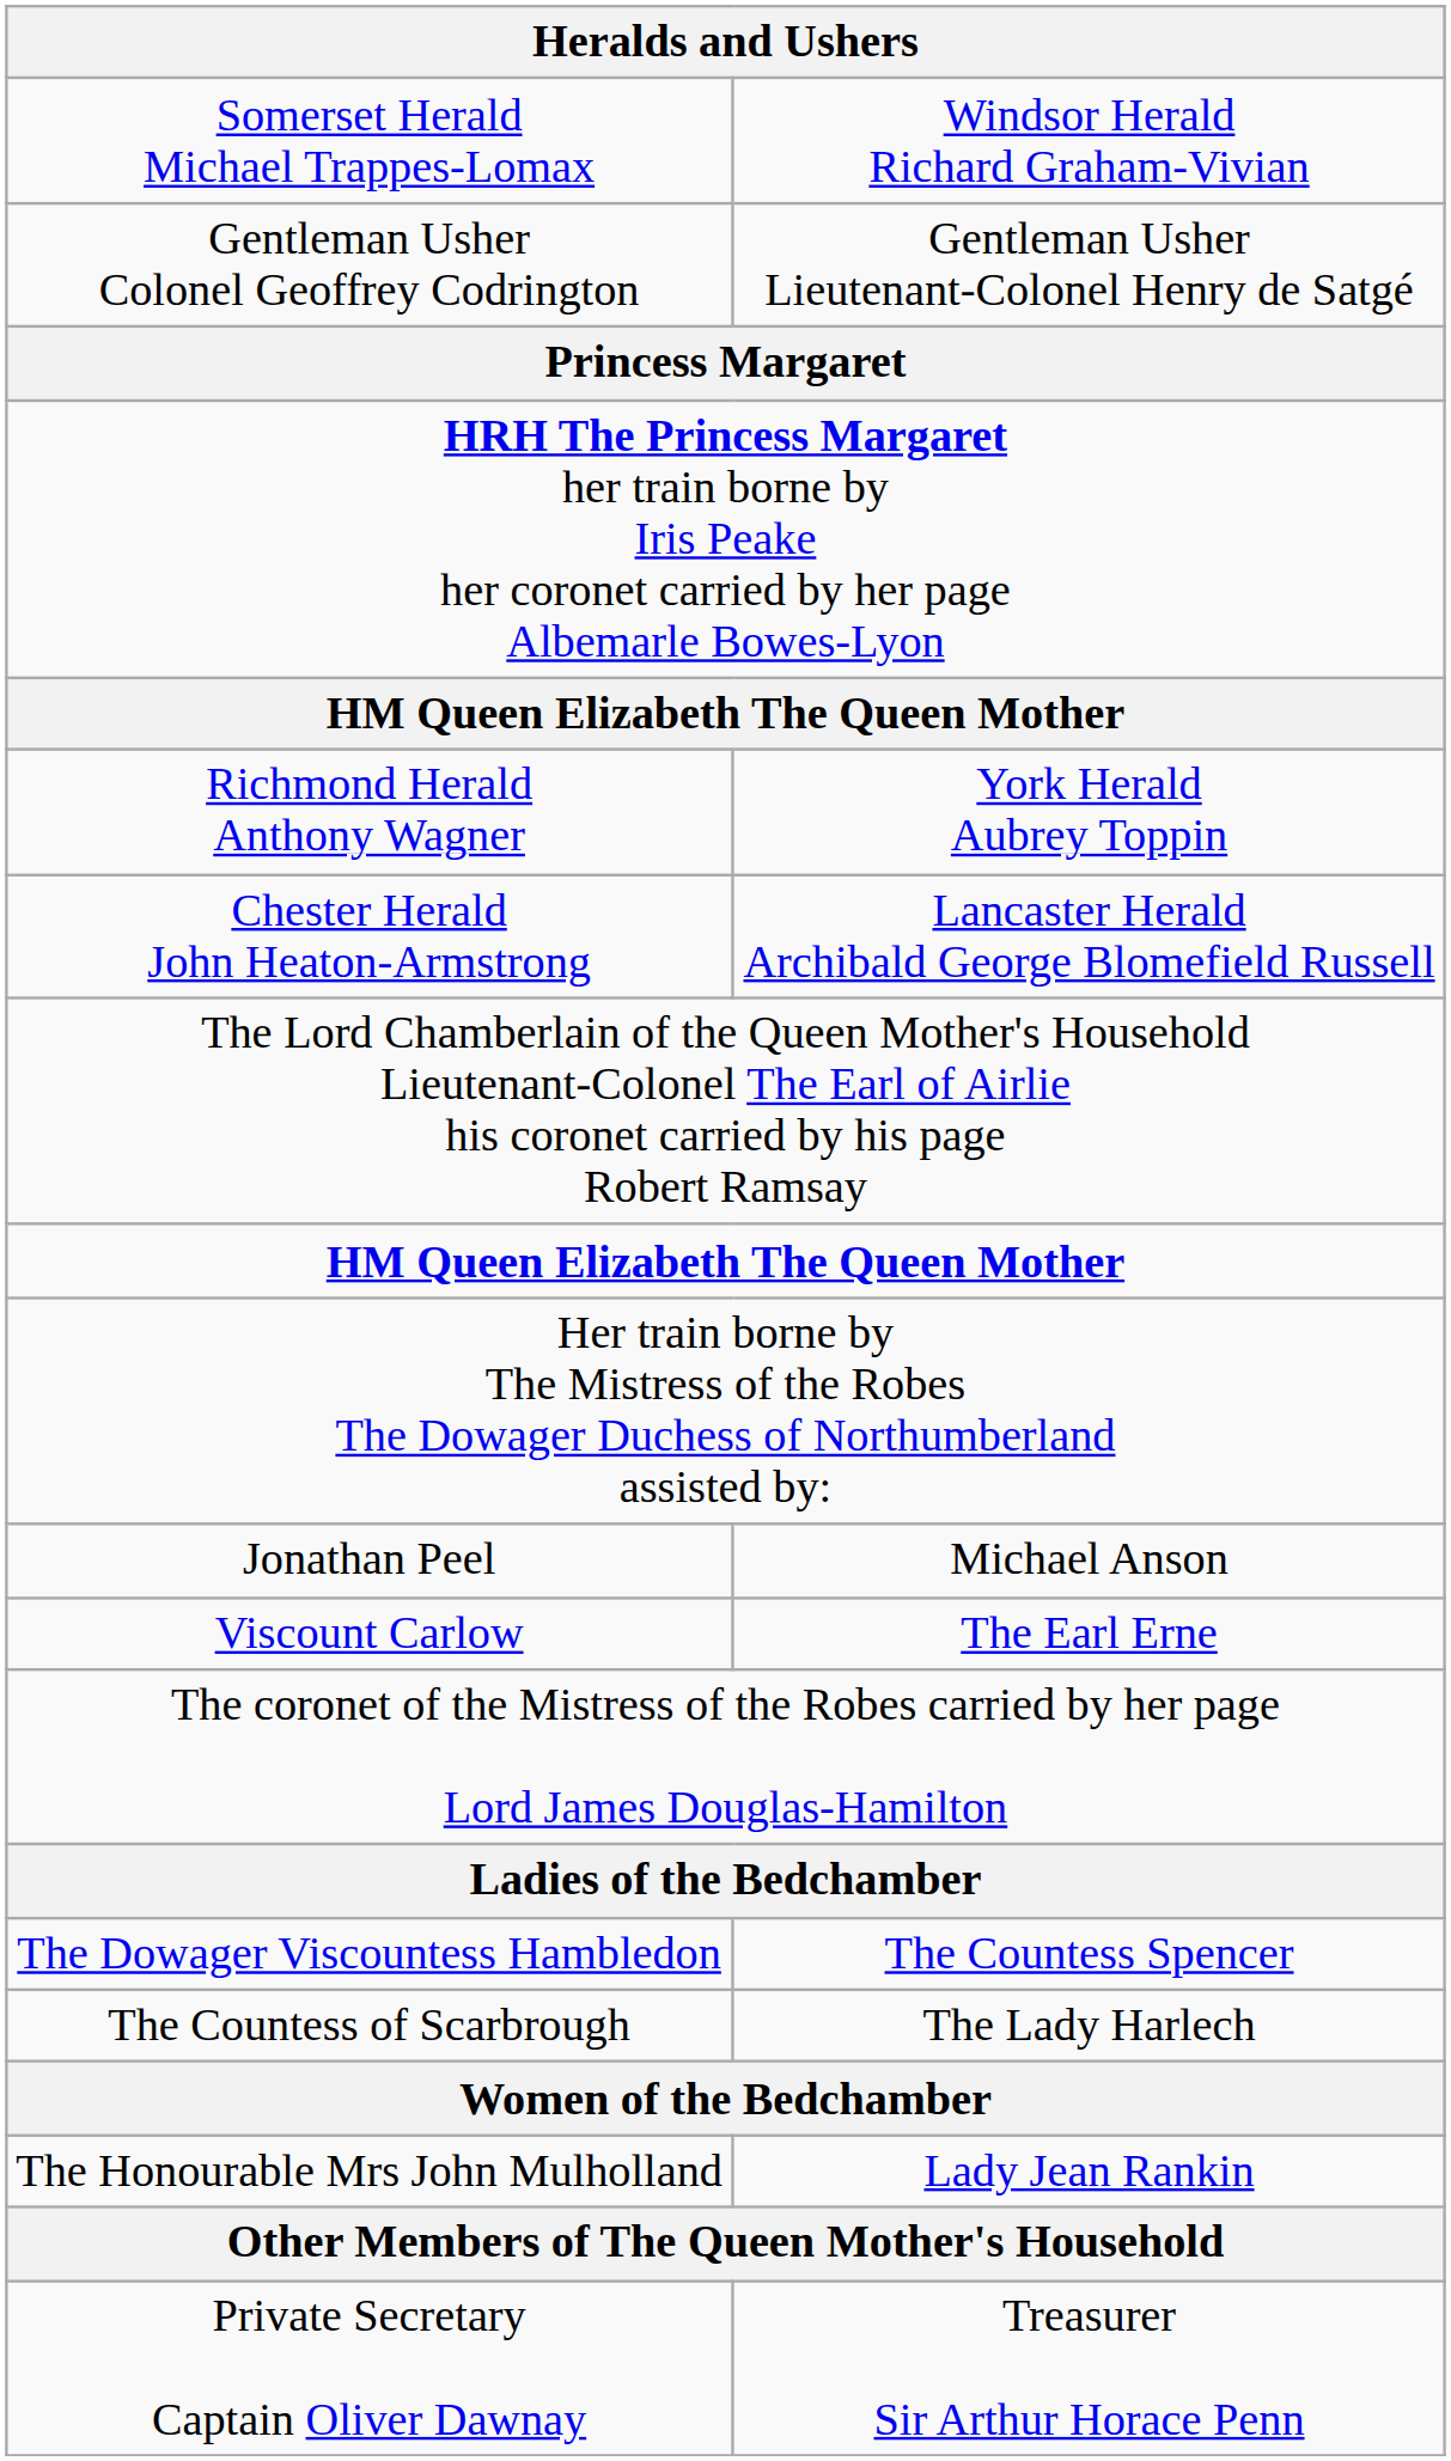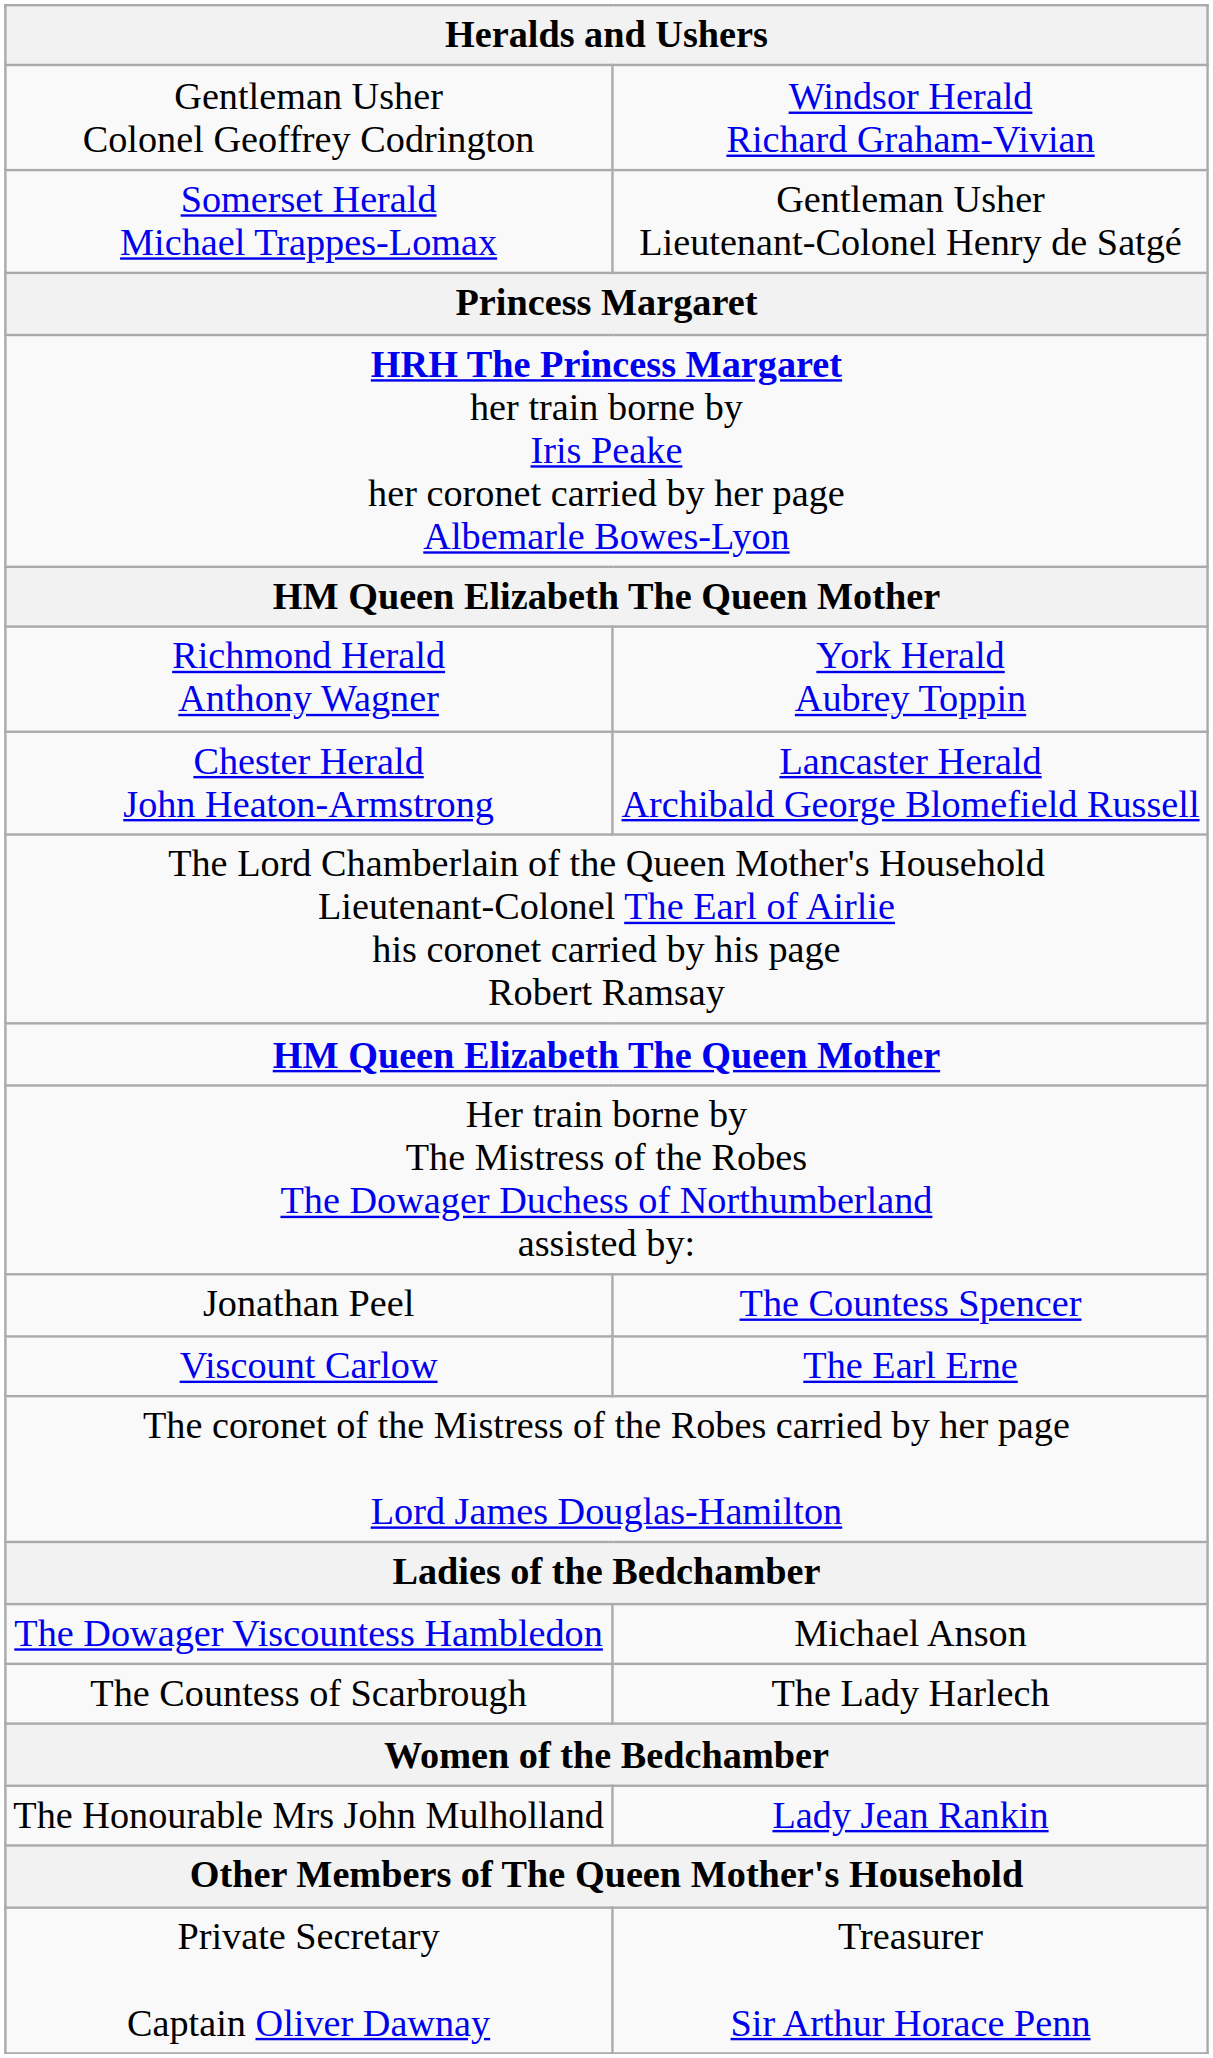 <table class="wikitable" style="text-align:center; margin-left: auto; margin-right: auto; border: none;">
 <tr>
 <th colspan="2">Heralds and Ushers</th>
 </tr>
 <tr>
-<td><a href='#'>Somerset Herald</a><br><a href='#'>Michael Trappes-Lomax</a></td>
+<td>Gentleman Usher<br>Colonel Geoffrey Codrington </td>
 <td><a href='#'>Windsor Herald</a><br><a href='#'>Richard Graham-Vivian</a></td>
 </tr>
 <tr>
-<td>Gentleman Usher<br>Colonel Geoffrey Codrington </td>
+<td><a href='#'>Somerset Herald</a><br><a href='#'>Michael Trappes-Lomax</a></td>
 <td>Gentleman Usher<br>Lieutenant-Colonel Henry de Satgé </td>
 </tr>
 <tr>
 <th colspan="2">Princess Margaret</th>
 </tr>
 <tr>
 <td colspan="2"><strong><a href='#'>HRH The Princess Margaret</a></strong> <br>her train borne by<br><a href='#'>Iris Peake</a><br>her coronet carried by her page<br><a href='#'>Albemarle Bowes-Lyon</a></td>
 </tr>
 <tr>
 <th colspan="2">HM Queen Elizabeth The Queen Mother</th>
 </tr>
 <tr>
 <td><a href='#'>Richmond Herald</a><br><a href='#'>Anthony Wagner</a></td>
 <td><a href='#'>York Herald</a><br><a href='#'>Aubrey Toppin</a></td>
 </tr>
 <tr>
 <td><a href='#'>Chester Herald</a><br><a href='#'>John Heaton-Armstrong</a></td>
 <td><a href='#'>Lancaster Herald</a><br><a href='#'>Archibald George Blomefield Russell</a></td>
 </tr>
 <tr>
 <td colspan="2">The Lord Chamberlain of the Queen Mother's Household<br>Lieutenant-Colonel <a href='#'>The Earl of Airlie</a> <br>his coronet carried by his page<br>Robert Ramsay</td>
 </tr>
 <tr>
 <td colspan="2"><strong><a href='#'>HM Queen Elizabeth The Queen Mother</a></strong></td>
 </tr>
 <tr>
 <td colspan="2">Her train borne by<br>The Mistress of the Robes<br> <a href='#'>The Dowager Duchess of Northumberland</a> <br>assisted by:</td>
 </tr>
 <tr>
 <td>Jonathan Peel</td>
-<td>Michael Anson</td>
+<td><a href='#'>The Countess Spencer</a> </td>
 </tr>
 <tr>
 <td><a href='#'>Viscount Carlow</a></td>
 <td><a href='#'>The Earl Erne</a></td>
 </tr>
 <tr>
 <td colspan="2">The coronet of the Mistress of the Robes carried by her page<br><br><a href='#'>Lord James Douglas-Hamilton</a></td>
 </tr>
 <tr>
 <th colspan="2">Ladies of the Bedchamber</th>
 </tr>
 <tr>
 <td><a href='#'>The Dowager Viscountess Hambledon</a></td>
-<td><a href='#'>The Countess Spencer</a> </td>
+<td>Michael Anson</td>
 </tr>
 <tr>
 <td>The Countess of Scarbrough</td>
 <td>The Lady Harlech </td>
 </tr>
 <tr>
 <th colspan="2">Women of the Bedchamber</th>
 </tr>
 <tr>
 <td>The Honourable Mrs John Mulholland</td>
 <td><a href='#'>Lady Jean Rankin</a></td>
 </tr>
 <tr>
 <th colspan="2">Other Members of The Queen Mother's Household</th>
 </tr>
 <tr>
 <td>Private Secretary<br><br>Captain <a href='#'>Oliver Dawnay</a></td>
 <td>Treasurer<br><br><a href='#'>Sir Arthur Horace Penn</a> </td>
 </tr>
 </table>
